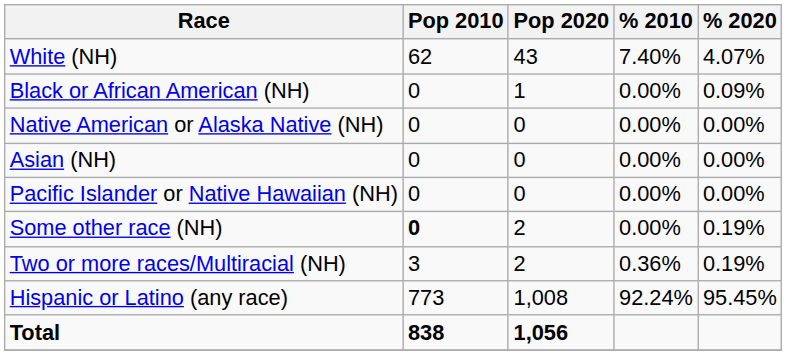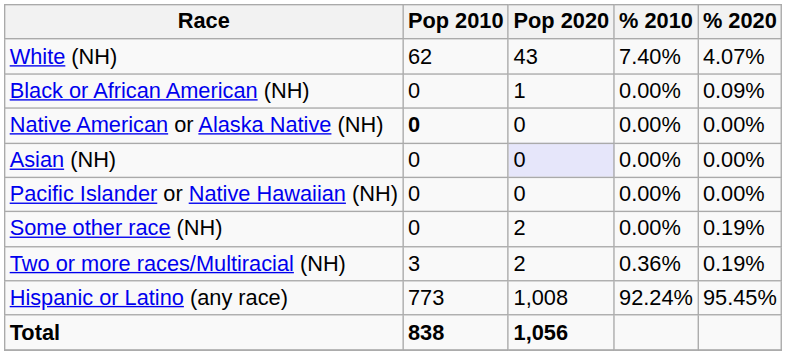 <table class="wikitable">
 <tr>
 <th>Race</th>
 <th>Pop 2010</th>
 <th>Pop 2020</th>
 <th>% 2010</th>
 <th>% 2020</th>
 </tr>
 <tr>
 <td><a href='#'>White</a> (NH)</td>
 <td>62</td>
 <td>43</td>
 <td>7.40%</td>
 <td>4.07%</td>
 </tr>
 <tr>
 <td><a href='#'>Black or African American</a> (NH)</td>
 <td>0</td>
 <td>1</td>
 <td>0.00%</td>
 <td>0.09%</td>
 </tr>
 <tr>
 <td><a href='#'>Native American</a> or <a href='#'>Alaska Native</a> (NH)</td>
-<td>0</td>
+<td><strong>0</strong></td>
 <td>0</td>
 <td>0.00%</td>
 <td>0.00%</td>
 </tr>
 <tr>
 <td><a href='#'>Asian</a> (NH)</td>
 <td>0</td>
-<td>0</td>
+<td style="background: lavender;">0</td>
 <td>0.00%</td>
 <td>0.00%</td>
 </tr>
 <tr>
 <td><a href='#'>Pacific Islander</a> or <a href='#'>Native Hawaiian</a> (NH)</td>
 <td>0</td>
 <td>0</td>
 <td>0.00%</td>
 <td>0.00%</td>
 </tr>
 <tr>
 <td><a href='#'>Some other race</a> (NH)</td>
-<td><strong>0</strong></td>
+<td>0</td>
 <td>2</td>
 <td>0.00%</td>
 <td>0.19%</td>
 </tr>
 <tr>
 <td><a href='#'>Two or more races/Multiracial</a> (NH)</td>
 <td>3</td>
 <td>2</td>
 <td>0.36%</td>
 <td>0.19%</td>
 </tr>
 <tr>
 <td><a href='#'>Hispanic or Latino</a> (any race)</td>
 <td>773</td>
 <td>1,008</td>
 <td>92.24%</td>
 <td>95.45%</td>
 </tr>
 <tr>
 <td><strong>Total</strong></td>
 <td><strong>838</strong></td>
 <td><strong>1,056</strong></td>
 <td></td>
 <td></td>
 </tr>
 <tr>
 </tr>
 </table>
